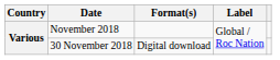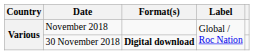 <table class="wikitable plainrowheaders">
 <tr>
 <th scope="col">Country</th>
 <th scope="col">Date</th>
 <th scope="col">Format(s)</th>
 <th scope="col">Label</th>
 <th scope="col"></th>
 </tr>
 <tr>
 <th scope="row" rowspan="2">Various</th>
 <td>November 2018</td>
 <td></td>
 <td rowspan="2">Global /<br><a href='#'>Roc Nation</a></td>
 <td></td>
 </tr>
 <tr>
 <td>30 November 2018</td>
-<td>Digital download</td>
+<td><strong>Digital download</strong></td>
 <td></td>
 </tr>
 </table>
